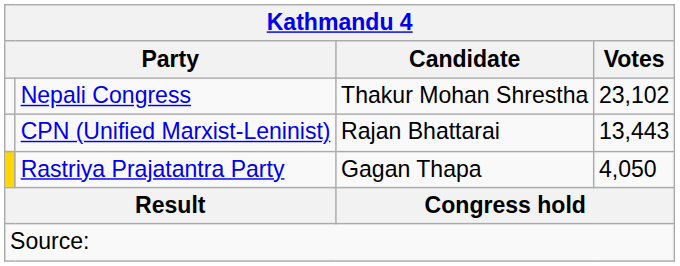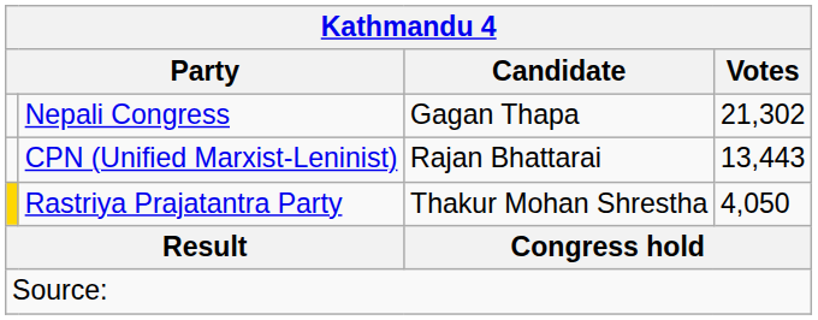 <table class="wikitable">
 <tr>
 <th colspan="4"><a href='#'>Kathmandu 4</a></th>
 </tr>
 <tr>
 <th colspan="2">Party</th>
 <th>Candidate</th>
 <th>Votes</th>
 </tr>
 <tr>
 <td style="background-color:"></td>
 <td><a href='#'>Nepali Congress</a></td>
-<td>Thakur Mohan Shrestha</td>
-<td>23,102</td>
+<td>Gagan Thapa</td>
+<td>21,302</td>
 </tr>
 <tr>
 <td style="background-color:"></td>
 <td><a href='#'>CPN (Unified Marxist-Leninist)</a></td>
 <td>Rajan Bhattarai</td>
 <td>13,443</td>
 </tr>
 <tr>
 <td style="background-color:#FFD700"></td>
 <td><a href='#'>Rastriya Prajatantra Party</a></td>
-<td>Gagan Thapa</td>
+<td>Thakur Mohan Shrestha</td>
 <td>4,050</td>
 </tr>
 <tr>
 <th colspan="2">Result</th>
 <th colspan="2">Congress hold</th>
 </tr>
 <tr>
 <td colspan="4">Source: </td>
 </tr>
 </table>
